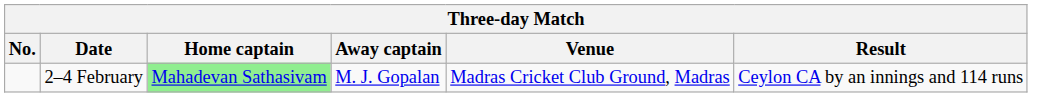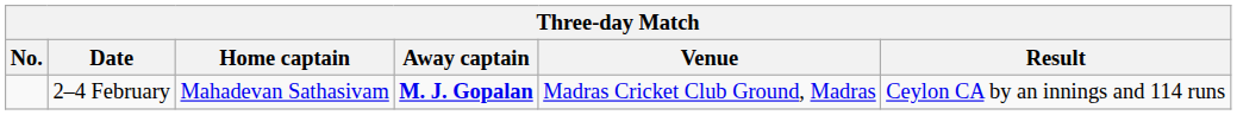 <table class="wikitable">
 <tr>
 <th colspan="9">Three-day Match</th>
 </tr>
 <tr>
 <th>No.</th>
 <th>Date</th>
 <th>Home captain</th>
 <th>Away captain</th>
 <th>Venue</th>
 <th>Result</th>
 </tr>
 <tr>
 <td></td>
 <td>2–4 February</td>
-<td style="background: lightgreen;"><a href='#'>Mahadevan Sathasivam</a></td>
-<td><a href='#'>M. J. Gopalan</a></td>
+<td><a href='#'>Mahadevan Sathasivam</a></td>
+<td><strong><a href='#'>M. J. Gopalan</a></strong></td>
 <td><a href='#'>Madras Cricket Club Ground</a>, <a href='#'>Madras</a></td>
 <td><a href='#'>Ceylon CA</a> by an innings and 114 runs</td>
 </tr>
 </table>
